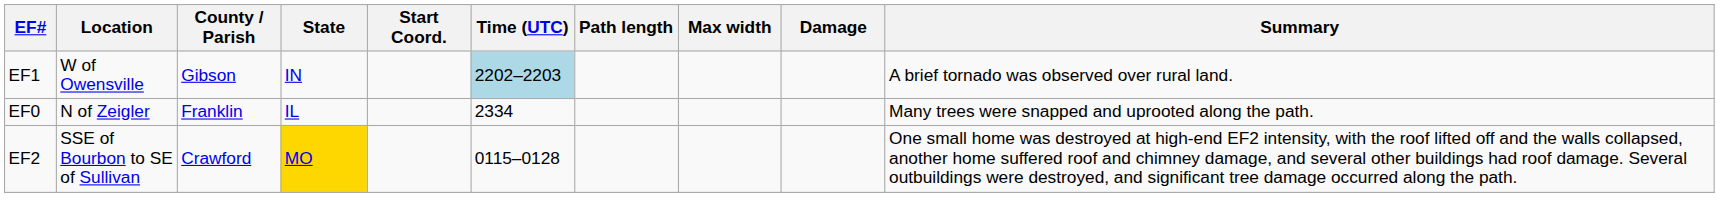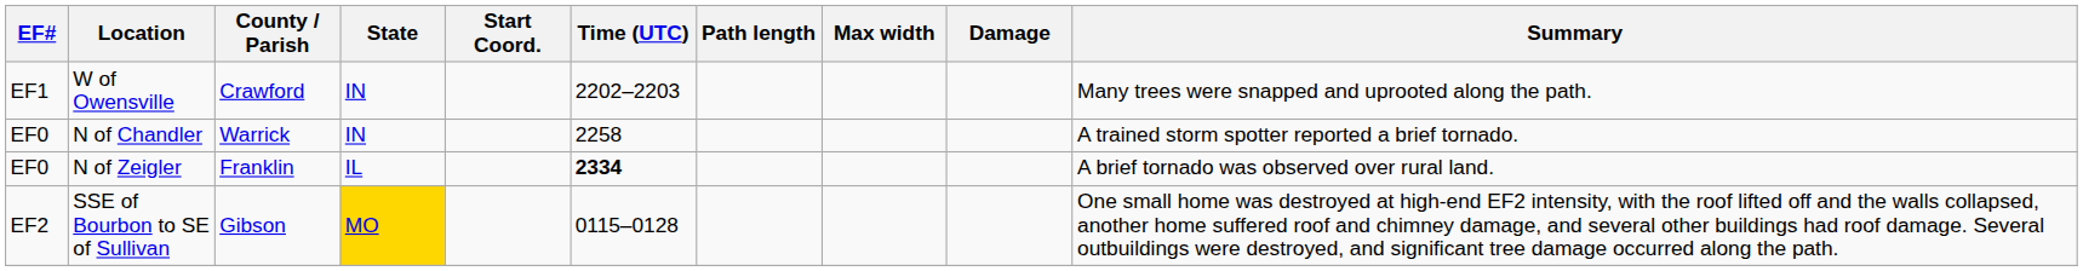 <table class="wikitable sortable" style="width:100%;">
 <tr>
 <th scope="col" width="3%" align="center"><a href='#'>EF#</a></th>
 <th scope="col" width="7%" align="center" class="unsortable">Location</th>
 <th scope="col" width="6%" align="center" class="unsortable">County / Parish</th>
 <th scope="col" width="5%" align="center">State</th>
 <th scope="col" width="6%" align="center">Start Coord.</th>
 <th scope="col" width="6%" align="center">Time (<a href='#'>UTC</a>)</th>
 <th scope="col" width="6%" align="center">Path length</th>
 <th scope="col" width="6%" align="center">Max width</th>
 <th scope="col" width="6%" align="center">Damage</th>
 <th scope="col" width="48%" class="unsortable" align="center">Summary</th>
 </tr>
 <tr>
 <td>EF1</td>
 <td>W of <a href='#'>Owensville</a></td>
-<td><a href='#'>Gibson</a></td>
+<td><a href='#'>Crawford</a></td>
 <td><a href='#'>IN</a></td>
 <td></td>
-<td style="background: lightblue;">2202–2203</td>
+<td>2202–2203</td>
 <td></td>
 <td></td>
 <td></td>
-<td>A brief tornado was observed over rural land.</td>
+<td>Many trees were snapped and uprooted along the path.</td>
+</tr>
+<tr>
+<td>EF0</td>
+<td>N of <a href='#'>Chandler</a></td>
+<td><a href='#'>Warrick</a></td>
+<td><a href='#'>IN</a></td>
+<td></td>
+<td>2258</td>
+<td></td>
+<td></td>
+<td></td>
+<td>A trained storm spotter reported a brief tornado.</td>
 </tr>
 <tr>
 <td>EF0</td>
 <td>N of <a href='#'>Zeigler</a></td>
 <td><a href='#'>Franklin</a></td>
 <td><a href='#'>IL</a></td>
 <td></td>
-<td>2334</td>
+<td><strong>2334</strong></td>
 <td></td>
 <td></td>
 <td></td>
-<td>Many trees were snapped and uprooted along the path.</td>
+<td>A brief tornado was observed over rural land.</td>
 </tr>
 <tr>
 <td>EF2</td>
 <td>SSE of <a href='#'>Bourbon</a> to SE of <a href='#'>Sullivan</a></td>
-<td><a href='#'>Crawford</a></td>
+<td><a href='#'>Gibson</a></td>
 <td style="background: gold;"><a href='#'>MO</a></td>
 <td></td>
 <td>0115–0128</td>
 <td></td>
 <td></td>
 <td></td>
 <td>One small home was destroyed at high-end EF2 intensity, with the roof lifted off and the walls collapsed, another home suffered roof and chimney damage, and several other buildings had roof damage. Several outbuildings were destroyed, and significant tree damage occurred along the path.</td>
 </tr>
 <tr>
 </tr>
 </table>
